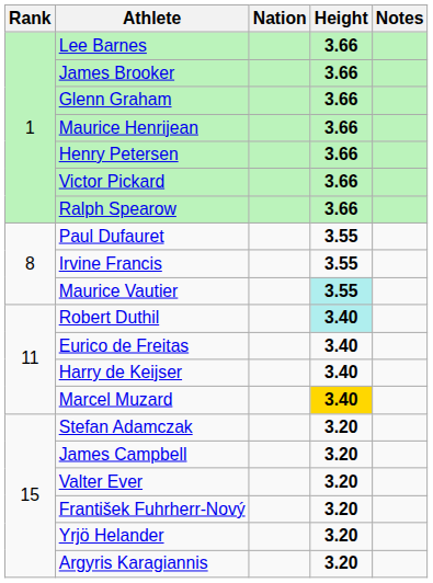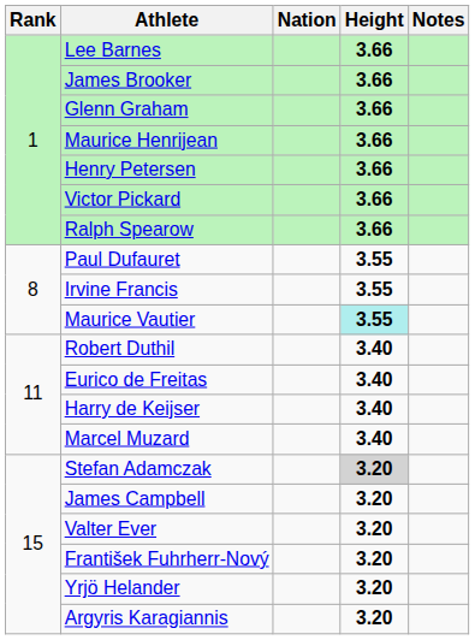 <table class="wikitable sortable" style="text-align:center">
 <tr>
 <th>Rank</th>
 <th>Athlete</th>
 <th>Nation</th>
 <th>Height</th>
 <th>Notes</th>
 </tr>
 <tr bgcolor=bbf3bb>
 <td rowspan=7>1</td>
 <td align=left><a href='#'>Lee Barnes</a></td>
 <td align=left></td>
 <td><strong>3.66</strong></td>
 <td></td>
 </tr>
 <tr bgcolor=bbf3bb>
 <td align=left><a href='#'>James Brooker</a></td>
 <td align=left></td>
 <td><strong>3.66</strong></td>
 <td></td>
 </tr>
 <tr bgcolor=bbf3bb>
 <td align=left><a href='#'>Glenn Graham</a></td>
 <td align=left></td>
 <td><strong>3.66</strong></td>
 <td></td>
 </tr>
 <tr bgcolor=bbf3bb>
 <td align=left><a href='#'>Maurice Henrijean</a></td>
 <td align=left></td>
 <td><strong>3.66</strong></td>
 <td></td>
 </tr>
 <tr bgcolor=bbf3bb>
 <td align=left><a href='#'>Henry Petersen</a></td>
 <td align=left></td>
 <td><strong>3.66</strong></td>
 <td></td>
 </tr>
 <tr bgcolor=bbf3bb>
 <td align=left><a href='#'>Victor Pickard</a></td>
 <td align=left></td>
 <td><strong>3.66</strong></td>
 <td></td>
 </tr>
 <tr bgcolor=bbf3bb>
 <td align=left><a href='#'>Ralph Spearow</a></td>
 <td align=left></td>
 <td><strong>3.66</strong></td>
 <td></td>
 </tr>
 <tr>
 <td rowspan=3>8</td>
 <td align=left><a href='#'>Paul Dufauret</a></td>
 <td align=left></td>
 <td><strong>3.55</strong></td>
 <td></td>
 </tr>
 <tr>
 <td align=left><a href='#'>Irvine Francis</a></td>
 <td align=left></td>
 <td><strong>3.55</strong></td>
 <td></td>
 </tr>
 <tr>
 <td align=left><a href='#'>Maurice Vautier</a></td>
 <td align=left></td>
 <td style="background: paleturquoise;"><strong>3.55</strong></td>
 <td></td>
 </tr>
 <tr>
 <td rowspan=4>11</td>
 <td align=left><a href='#'>Robert Duthil</a></td>
 <td align=left></td>
-<td style="background: paleturquoise;"><strong>3.40</strong></td>
+<td><strong>3.40</strong></td>
 <td></td>
 </tr>
 <tr>
 <td align=left><a href='#'>Eurico de Freitas</a></td>
 <td align=left></td>
 <td><strong>3.40</strong></td>
 <td></td>
 </tr>
 <tr>
 <td align=left><a href='#'>Harry de Keijser</a></td>
 <td align=left></td>
 <td><strong>3.40</strong></td>
 <td></td>
 </tr>
 <tr>
 <td align=left><a href='#'>Marcel Muzard</a></td>
 <td align=left></td>
-<td style="background: gold;"><strong>3.40</strong></td>
+<td><strong>3.40</strong></td>
 <td></td>
 </tr>
 <tr>
 <td rowspan=6>15</td>
 <td align=left><a href='#'>Stefan Adamczak</a></td>
 <td align=left></td>
-<td><strong>3.20</strong></td>
+<td style="background: lightgrey;"><strong>3.20</strong></td>
 <td></td>
 </tr>
 <tr>
 <td align=left><a href='#'>James Campbell</a></td>
 <td align=left></td>
 <td><strong>3.20</strong></td>
 <td></td>
 </tr>
 <tr>
 <td align=left><a href='#'>Valter Ever</a></td>
 <td align=left></td>
 <td><strong>3.20</strong></td>
 <td></td>
 </tr>
 <tr>
 <td align=left><a href='#'>František Fuhrherr-Nový</a></td>
 <td align=left></td>
 <td><strong>3.20</strong></td>
 <td></td>
 </tr>
 <tr>
 <td align=left><a href='#'>Yrjö Helander</a></td>
 <td align=left></td>
 <td><strong>3.20</strong></td>
 <td></td>
 </tr>
 <tr>
 <td align=left><a href='#'>Argyris Karagiannis</a></td>
 <td align=left></td>
 <td><strong>3.20</strong></td>
 <td></td>
 </tr>
 </table>
